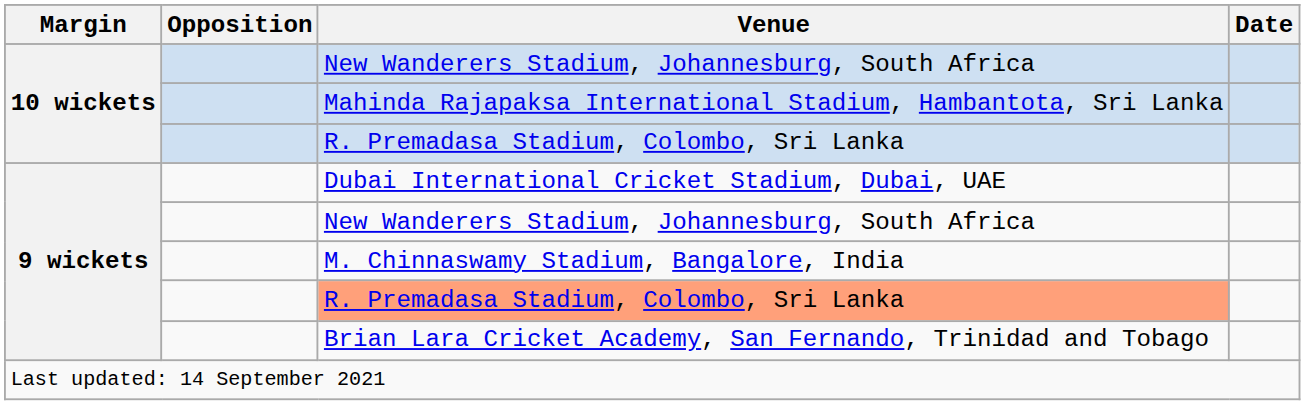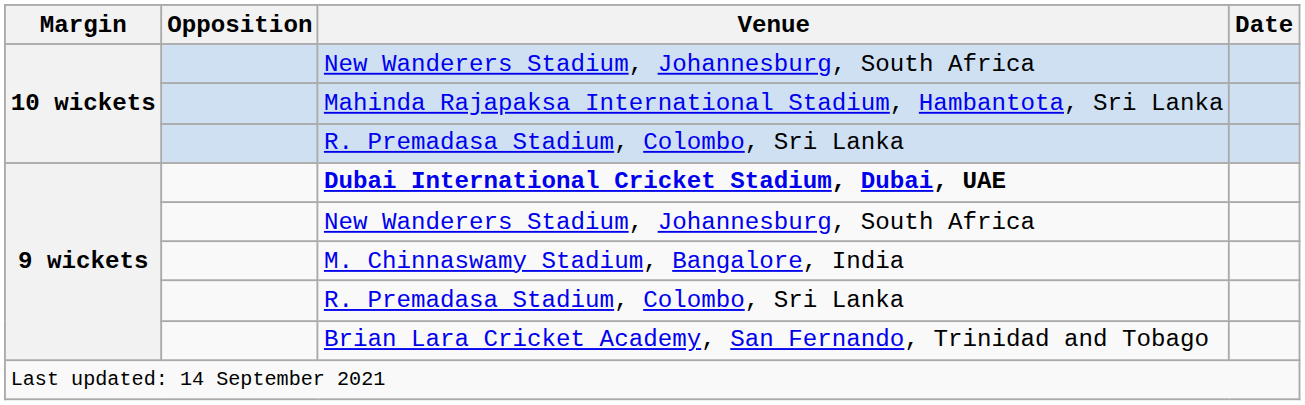 <table class="wikitable plainrowheaders sortable">
 <tr>
 <th scope=col>Margin</th>
 <th scope=col>Opposition</th>
 <th scope=col>Venue</th>
 <th scope=col>Date</th>
 </tr>
 <tr bgcolor=#cee0f2>
 <th scope=row style=text-align:center rowspan=3><strong>10 wickets</strong></th>
 <td></td>
 <td><a href='#'>New Wanderers Stadium</a>, <a href='#'>Johannesburg</a>, South Africa</td>
 <td></td>
 </tr>
 <tr bgcolor=#cee0f2>
 <td></td>
 <td><a href='#'>Mahinda Rajapaksa International Stadium</a>, <a href='#'>Hambantota</a>, Sri Lanka</td>
 <td> </td>
 </tr>
 <tr bgcolor=#cee0f2>
 <td></td>
 <td><a href='#'>R. Premadasa Stadium</a>, <a href='#'>Colombo</a>, Sri Lanka</td>
 <td></td>
 </tr>
 <tr>
 <th scope=row style=text-align:center rowspan=5><strong>9 wickets</strong></th>
 <td></td>
-<td><a href='#'>Dubai International Cricket Stadium</a>, <a href='#'>Dubai</a>, UAE</td>
+<td><strong><a href='#'>Dubai International Cricket Stadium</a>, <a href='#'>Dubai</a>, UAE</strong></td>
 <td></td>
 </tr>
 <tr>
 <td></td>
 <td><a href='#'>New Wanderers Stadium</a>, <a href='#'>Johannesburg</a>, South Africa</td>
 <td></td>
 </tr>
 <tr>
 <td></td>
 <td><a href='#'>M. Chinnaswamy Stadium</a>, <a href='#'>Bangalore</a>, India</td>
 <td></td>
 </tr>
 <tr>
 <td></td>
-<td style="background: lightsalmon;"><a href='#'>R. Premadasa Stadium</a>, <a href='#'>Colombo</a>, Sri Lanka</td>
+<td><a href='#'>R. Premadasa Stadium</a>, <a href='#'>Colombo</a>, Sri Lanka</td>
 <td></td>
 </tr>
 <tr>
 <td></td>
 <td><a href='#'>Brian Lara Cricket Academy</a>, <a href='#'>San Fernando</a>, Trinidad and Tobago</td>
 <td></td>
 </tr>
 <tr class=sortbottom>
 <td colspan="4"><small>Last updated: 14 September 2021</small></td>
 </tr>
 </table>
